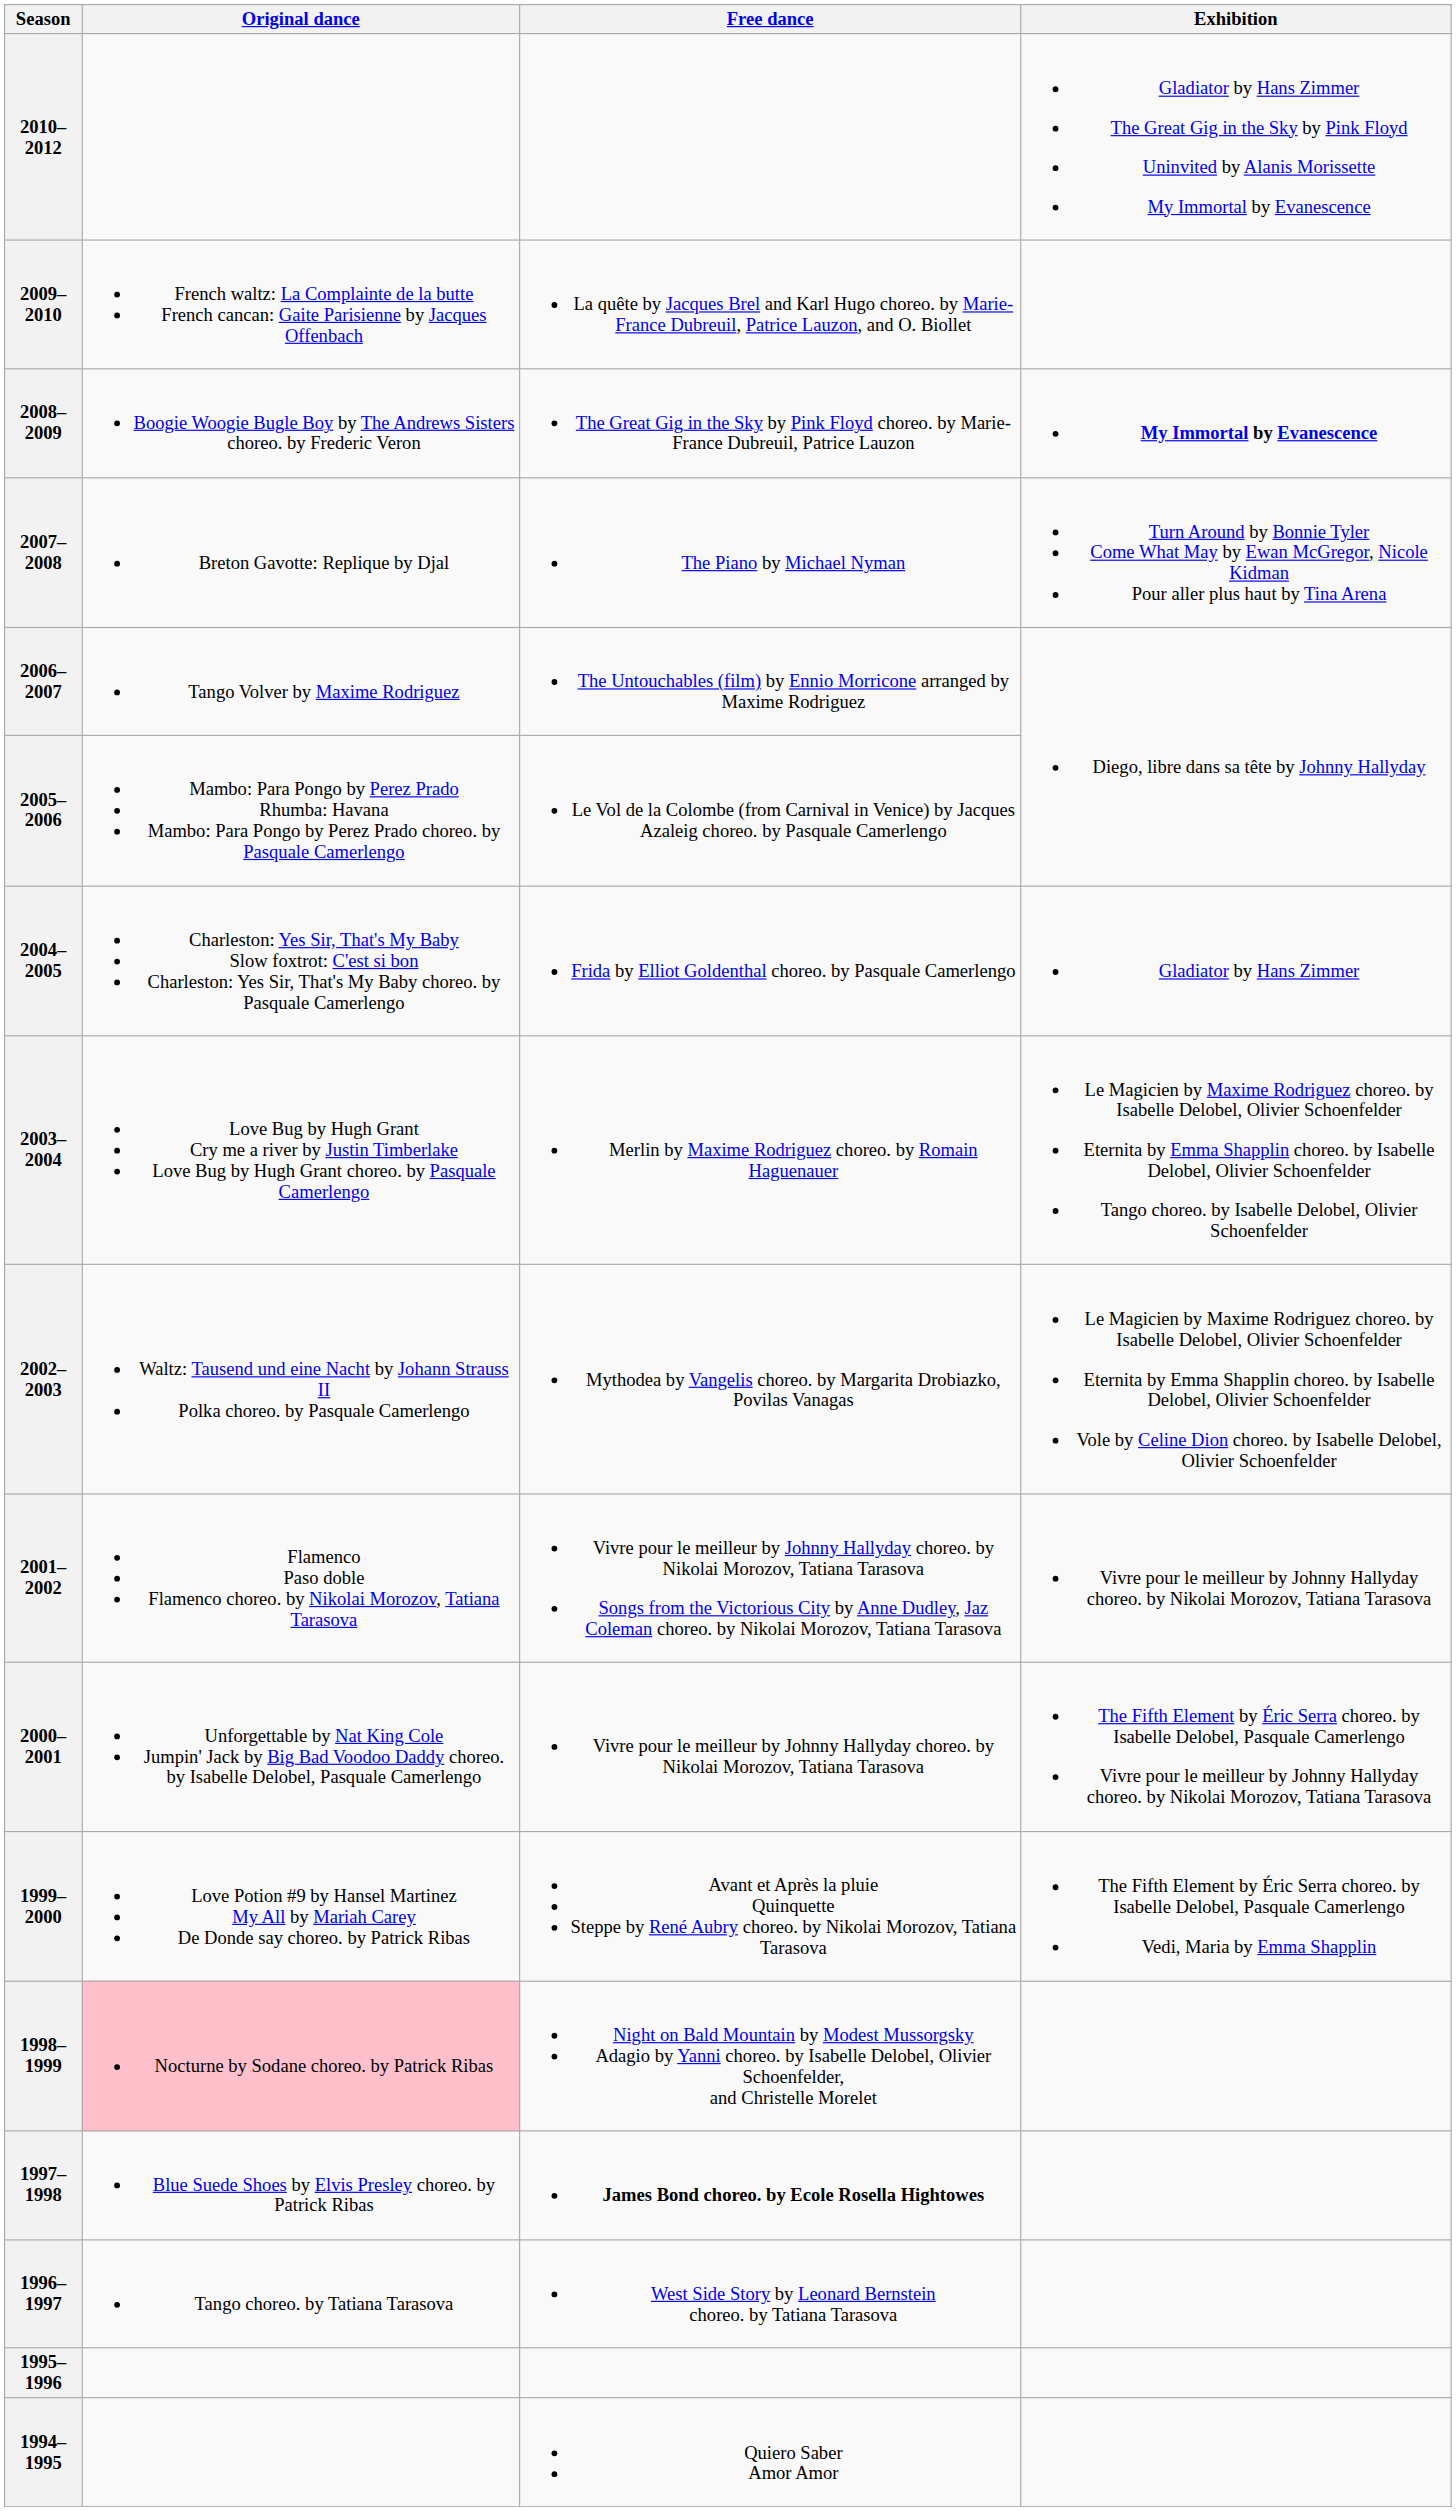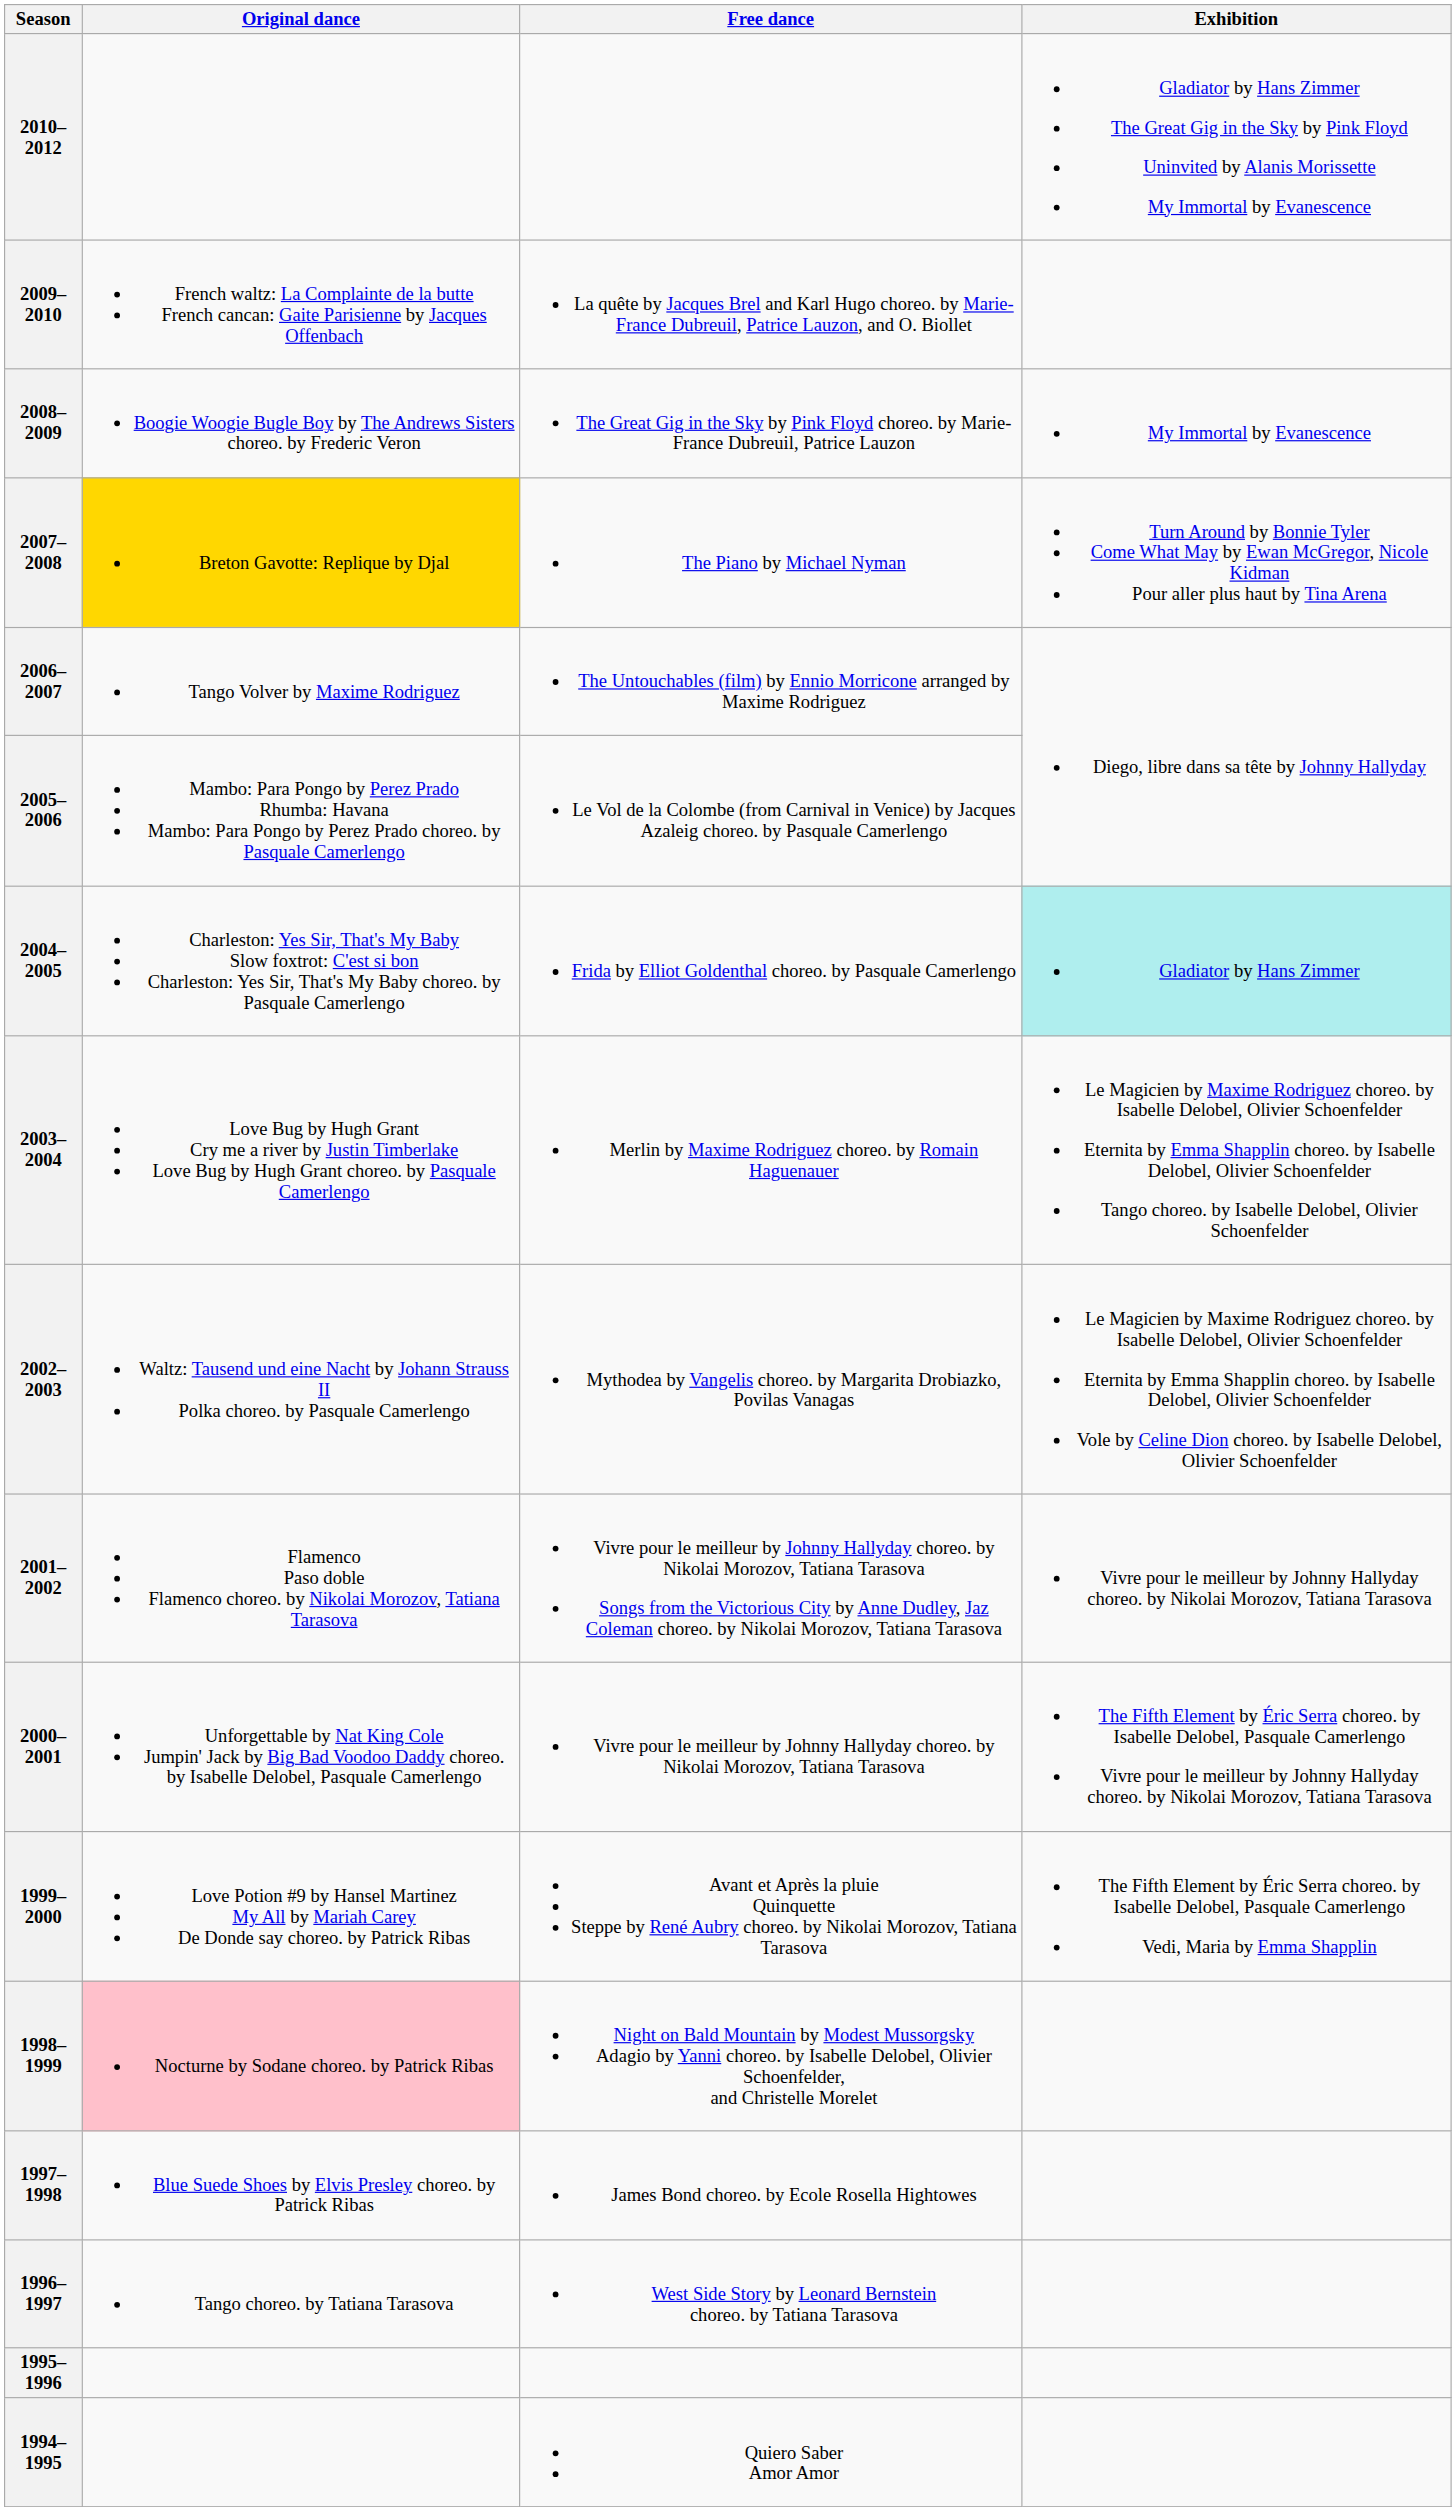 <table class="wikitable" style="text-align:center">
 <tr>
 <th>Season</th>
 <th><a href='#'>Original dance</a></th>
 <th><a href='#'>Free dance</a></th>
 <th>Exhibition</th>
 </tr>
 <tr>
 <th>2010–2012</th>
 <td></td>
 <td></td>
 <td><br><ul><li><a href='#'>Gladiator</a> by <a href='#'>Hans Zimmer</a></li></ul><ul><li><a href='#'>The Great Gig in the Sky</a> by <a href='#'>Pink Floyd</a></li></ul><ul><li><a href='#'>Uninvited</a> by <a href='#'>Alanis Morissette</a></li></ul><ul><li><a href='#'>My Immortal</a>  by <a href='#'>Evanescence</a></li></ul></td>
 </tr>
 <tr>
 <th>2009–2010</th>
 <td><br><ul><li>French waltz: <a href='#'>La Complainte de la butte</a></li><li>French cancan: <a href='#'>Gaite Parisienne</a> by <a href='#'>Jacques Offenbach</a></li></ul></td>
 <td><br><ul><li>La quête  by <a href='#'>Jacques Brel</a> and Karl Hugo choreo. by <a href='#'>Marie-France Dubreuil</a>, <a href='#'>Patrice Lauzon</a>, and O. Biollet</li></ul></td>
 <td></td>
 </tr>
 <tr>
 <th>2008–2009 <br> </th>
 <td><br><ul><li><a href='#'>Boogie Woogie Bugle Boy</a> by <a href='#'>The Andrews Sisters</a> choreo. by Frederic Veron</li></ul></td>
 <td><br><ul><li><a href='#'>The Great Gig in the Sky</a> by <a href='#'>Pink Floyd</a> choreo. by Marie-France Dubreuil, Patrice Lauzon</li></ul></td>
-<td><strong><br><ul><li><a href='#'>My Immortal</a> by <a href='#'>Evanescence</a></li></ul></strong></td>
+<td><br><ul><li><a href='#'>My Immortal</a> by <a href='#'>Evanescence</a></li></ul></td>
 </tr>
 <tr>
 <th>2007–2008 </th>
-<td><br><ul><li>Breton Gavotte: Replique by Djal</li></ul></td>
+<td style="background: gold;"><br><ul><li>Breton Gavotte: Replique by Djal</li></ul></td>
 <td><br><ul><li><a href='#'>The Piano</a> by <a href='#'>Michael Nyman</a></li></ul></td>
 <td><br><ul><li><a href='#'>Turn Around</a> by <a href='#'>Bonnie Tyler</a></li><li><a href='#'>Come What May</a> by <a href='#'>Ewan McGregor</a>, <a href='#'>Nicole Kidman</a></li><li>Pour aller plus haut by <a href='#'>Tina Arena</a></li></ul></td>
 </tr>
 <tr>
 <th>2006–2007</th>
 <td><br><ul><li>Tango Volver by <a href='#'>Maxime Rodriguez</a></li></ul></td>
 <td><br><ul><li><a href='#'>The Untouchables (film)</a>  by <a href='#'>Ennio Morricone</a> arranged by Maxime Rodriguez</li></ul></td>
 <td rowspan=2><br><ul><li>Diego, libre dans sa tête by <a href='#'>Johnny Hallyday</a></li></ul></td>
 </tr>
 <tr>
 <th>2005–2006 </th>
 <td><br><ul><li>Mambo: Para Pongo by <a href='#'>Perez Prado</a></li><li>Rhumba: Havana</li><li>Mambo: Para Pongo by Perez Prado choreo. by <a href='#'>Pasquale Camerlengo</a></li></ul></td>
 <td><br><ul><li>Le Vol de la Colombe (from Carnival in Venice) by Jacques Azaleig choreo. by Pasquale Camerlengo</li></ul></td>
 </tr>
 <tr>
 <th>2004–2005 <br> </th>
 <td><br><ul><li>Charleston: <a href='#'>Yes Sir, That's My Baby</a></li><li>Slow foxtrot: <a href='#'>C'est si bon</a></li><li>Charleston: Yes Sir, That's My Baby choreo. by Pasquale Camerlengo</li></ul></td>
 <td><br><ul><li><a href='#'>Frida</a> by <a href='#'>Elliot Goldenthal</a>  choreo. by Pasquale Camerlengo</li></ul></td>
-<td><br><ul><li><a href='#'>Gladiator</a> by <a href='#'>Hans Zimmer</a></li></ul></td>
+<td style="background: paleturquoise;"><br><ul><li><a href='#'>Gladiator</a> by <a href='#'>Hans Zimmer</a></li></ul></td>
 </tr>
 <tr>
 <th>2003–2004</th>
 <td><br><ul><li>Love Bug  by Hugh Grant</li><li>Cry me a river  by <a href='#'>Justin Timberlake</a></li><li>Love Bug by Hugh Grant choreo. by <a href='#'>Pasquale Camerlengo</a></li></ul></td>
 <td><br><ul><li>Merlin  by <a href='#'>Maxime Rodriguez</a> choreo. by <a href='#'>Romain Haguenauer</a></li></ul></td>
 <td><br><ul><li>Le Magicien by <a href='#'>Maxime Rodriguez</a> choreo. by Isabelle Delobel, Olivier Schoenfelder</li></ul><ul><li>Eternita by <a href='#'>Emma Shapplin</a> choreo. by Isabelle Delobel, Olivier Schoenfelder</li></ul><ul><li>Tango choreo. by Isabelle Delobel, Olivier Schoenfelder</li></ul></td>
 </tr>
 <tr>
 <th>2002–2003 </th>
 <td><br><ul><li>Waltz: <a href='#'>Tausend und eine Nacht</a> by <a href='#'>Johann Strauss II</a></li><li>Polka  choreo. by Pasquale Camerlengo</li></ul></td>
 <td><br><ul><li>Mythodea by <a href='#'>Vangelis</a> choreo. by Margarita Drobiazko, Povilas Vanagas</li></ul></td>
 <td><br><ul><li>Le Magicien  by Maxime Rodriguez choreo. by Isabelle Delobel, Olivier Schoenfelder</li></ul><ul><li>Eternita  by Emma Shapplin choreo. by Isabelle Delobel, Olivier Schoenfelder</li></ul><ul><li>Vole  by <a href='#'>Celine Dion</a> choreo. by Isabelle Delobel, Olivier Schoenfelder</li></ul></td>
 </tr>
 <tr>
 <th>2001–2002 </th>
 <td><br><ul><li>Flamenco</li><li>Paso doble</li><li>Flamenco choreo. by <a href='#'>Nikolai Morozov</a>, <a href='#'>Tatiana Tarasova</a></li></ul></td>
 <td><br><ul><li>Vivre pour le meilleur by <a href='#'>Johnny Hallyday</a> choreo. by Nikolai Morozov, Tatiana Tarasova</li></ul><ul><li><a href='#'>Songs from the Victorious City</a> by <a href='#'>Anne Dudley</a>, <a href='#'>Jaz Coleman</a> choreo. by Nikolai Morozov, Tatiana Tarasova</li></ul></td>
 <td><br><ul><li>Vivre pour le meilleur by Johnny Hallyday choreo. by Nikolai Morozov, Tatiana Tarasova</li></ul></td>
 </tr>
 <tr>
 <th>2000–2001 </th>
 <td><br><ul><li>Unforgettable  by <a href='#'>Nat King Cole</a></li><li>Jumpin' Jack  by <a href='#'>Big Bad Voodoo Daddy</a> choreo. by Isabelle Delobel, Pasquale Camerlengo</li></ul></td>
 <td><br><ul><li>Vivre pour le meilleur by Johnny Hallyday choreo. by Nikolai Morozov, Tatiana Tarasova</li></ul></td>
 <td><br><ul><li><a href='#'>The Fifth Element</a>  by <a href='#'>Éric Serra</a> choreo. by Isabelle Delobel, Pasquale Camerlengo</li></ul><ul><li>Vivre pour le meilleur by Johnny Hallyday choreo. by Nikolai Morozov, Tatiana Tarasova</li></ul></td>
 </tr>
 <tr>
 <th>1999–2000 <br> </th>
 <td><br><ul><li>Love Potion #9  by Hansel Martinez</li><li><a href='#'>My All</a>  by <a href='#'>Mariah Carey</a></li><li>De Donde say  choreo. by Patrick Ribas</li></ul></td>
 <td><br><ul><li>Avant et Après la pluie</li><li>Quinquette</li><li>Steppe by <a href='#'>René Aubry</a> choreo. by Nikolai Morozov, Tatiana Tarasova</li></ul></td>
 <td><br><ul><li>The Fifth Element by Éric Serra choreo. by Isabelle Delobel, Pasquale Camerlengo</li></ul><ul><li>Vedi, Maria by <a href='#'>Emma Shapplin</a></li></ul></td>
 </tr>
 <tr>
 <th>1998–1999 <br> </th>
 <td style="background: pink;"><br><ul><li>Nocturne by Sodane choreo. by Patrick Ribas</li></ul></td>
 <td><br><ul><li><a href='#'>Night on Bald Mountain</a> by <a href='#'>Modest Mussorgsky</a></li><li>Adagio by <a href='#'>Yanni</a> choreo. by Isabelle Delobel, Olivier Schoenfelder, <br> and Christelle Morelet</li></ul></td>
 <td></td>
 </tr>
 <tr>
 <th>1997–1998 </th>
 <td><br><ul><li><a href='#'>Blue Suede Shoes</a> by <a href='#'>Elvis Presley</a> choreo. by Patrick Ribas</li></ul></td>
-<td><strong><br><ul><li>James Bond  choreo. by Ecole Rosella Hightowes</li></ul></strong></td>
+<td><br><ul><li>James Bond  choreo. by Ecole Rosella Hightowes</li></ul></td>
 <td></td>
 </tr>
 <tr>
 <th>1996–1997</th>
 <td><br><ul><li>Tango choreo. by Tatiana Tarasova</li></ul></td>
 <td><br><ul><li><a href='#'>West Side Story</a> by <a href='#'>Leonard Bernstein</a> <br> choreo. by Tatiana Tarasova</li></ul></td>
 <td></td>
 </tr>
 <tr>
 <th>1995–1996</th>
 <td></td>
 <td></td>
 <td></td>
 </tr>
 <tr>
 <th>1994–1995</th>
 <td></td>
 <td><br><ul><li>Quiero Saber</li><li>Amor Amor</li></ul></td>
 <td></td>
 </tr>
 </table>
